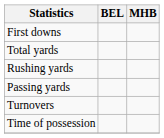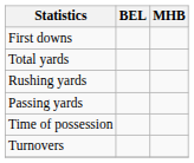 <table class="wikitable" style="float: left;">
 <tr>
 <th>Statistics</th>
 <th>BEL</th>
 <th>MHB</th>
 </tr>
 <tr>
 <td>First downs</td>
 <td></td>
 <td></td>
 </tr>
 <tr>
 <td>Total yards</td>
 <td></td>
 <td></td>
 </tr>
 <tr>
 <td>Rushing yards</td>
 <td></td>
 <td></td>
 </tr>
 <tr>
 <td>Passing yards</td>
 <td></td>
 <td></td>
 </tr>
 <tr>
-<td>Turnovers</td>
+<td>Time of possession</td>
 <td></td>
 <td></td>
 </tr>
 <tr>
-<td>Time of possession</td>
+<td>Turnovers</td>
 <td></td>
 <td></td>
 </tr>
 <tr>
 </tr>
 </table>
